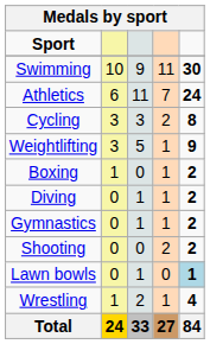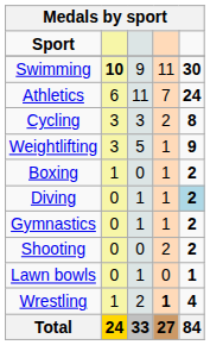 <table class="wikitable" style="font-size:85%; float:right">
 <tr style="background:#efefef;">
 <th colspan=7><strong>Medals by sport</strong></th>
 </tr>
 <tr align=center>
 <td><strong>Sport</strong></td>
 <td bgcolor=#f7f6a8></td>
 <td bgcolor=#dce5e5></td>
 <td bgcolor=#ffdab9></td>
 <td></td>
 </tr>
 <tr>
 </tr>
 <tr align=center>
 <td><a href='#'>Swimming</a></td>
-<td style="Background:#F7F6A8;">10</td>
+<td style="Background:#F7F6A8;"><strong>10</strong></td>
 <td style="background:#DCE5E5;">9</td>
 <td style="background:#FFDAB9;">11</td>
 <td><strong>30</strong></td>
 </tr>
 <tr align=center>
 <td><a href='#'>Athletics</a></td>
 <td style="Background:#F7F6A8;">6</td>
 <td style="background:#DCE5E5;">11</td>
 <td style="background:#FFDAB9;">7</td>
 <td><strong>24</strong></td>
 </tr>
 <tr align=center>
 <td><a href='#'>Cycling</a></td>
 <td style="Background:#F7F6A8;">3</td>
 <td style="background:#DCE5E5;">3</td>
 <td style="background:#FFDAB9;">2</td>
 <td><strong>8</strong></td>
 </tr>
 <tr align=center>
 <td><a href='#'>Weightlifting</a></td>
 <td style="Background:#F7F6A8;">3</td>
 <td style="background:#DCE5E5;">5</td>
 <td style="background:#FFDAB9;">1</td>
 <td><strong>9</strong></td>
 </tr>
 <tr align=center>
 <td><a href='#'>Boxing</a></td>
 <td style="Background:#F7F6A8;">1</td>
 <td style="background:#DCE5E5;">0</td>
 <td style="background:#FFDAB9;">1</td>
 <td><strong>2</strong></td>
 </tr>
 <tr align=center>
 <td><a href='#'>Diving</a></td>
 <td style="Background:#F7F6A8;">0</td>
 <td style="background:#DCE5E5;">1</td>
 <td style="background:#FFDAB9;">1</td>
-<td><strong>2</strong></td>
+<td style="background: lightblue;"><strong>2</strong></td>
 </tr>
 <tr align=center>
 <td><a href='#'>Gymnastics</a></td>
 <td style="Background:#F7F6A8;">0</td>
 <td style="background:#DCE5E5;">1</td>
 <td style="background:#FFDAB9;">1</td>
 <td><strong>2</strong></td>
 </tr>
 <tr align=center>
 <td><a href='#'>Shooting</a></td>
 <td style="Background:#F7F6A8;">0</td>
 <td style="background:#DCE5E5;">0</td>
 <td style="background:#FFDAB9;">2</td>
 <td><strong>2</strong></td>
 </tr>
 <tr align=center>
 <td><a href='#'>Lawn bowls</a></td>
 <td style="Background:#F7F6A8;">0</td>
 <td style="background:#DCE5E5;">1</td>
 <td style="background:#FFDAB9;">0</td>
-<td style="background: lightblue;"><strong>1</strong></td>
+<td><strong>1</strong></td>
 </tr>
 <tr align=center>
 <td><a href='#'>Wrestling</a></td>
 <td style="Background:#F7F6A8;">1</td>
 <td style="background:#DCE5E5;">2</td>
-<td style="background:#FFDAB9;">1</td>
+<td style="background:#FFDAB9;"><strong>1</strong></td>
 <td><strong>4</strong></td>
 </tr>
 <tr align=center>
 <th>Total</th>
 <th style="background:gold;">24</th>
 <th style="background:silver;">33</th>
 <th style="background:#c96;">27</th>
 <th>84</th>
 </tr>
 </table>
